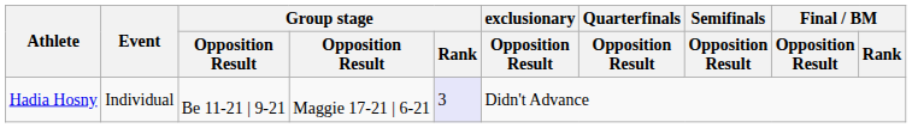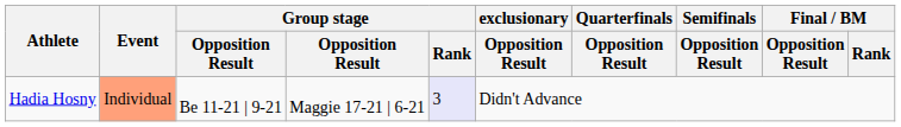 <table class="wikitable">
 <tr>
 <th rowspan="2">Athlete</th>
 <th rowspan="2">Event</th>
 <th colspan="3">Group stage</th>
 <th>exclusionary</th>
 <th>Quarterfinals</th>
 <th>Semifinals</th>
 <th colspan="2">Final / <abbr>BM</abbr></th>
 </tr>
 <tr>
 <th>Opposition<br>Result</th>
 <th>Opposition<br>Result</th>
 <th>Rank</th>
 <th>Opposition<br>Result</th>
 <th>Opposition<br>Result</th>
 <th>Opposition<br>Result</th>
 <th>Opposition<br>Result</th>
 <th>Rank</th>
 </tr>
 <tr>
 <td><a href='#'>Hadia Hosny</a></td>
-<td>Individual</td>
+<td style="background: lightsalmon;">Individual</td>
 <td><br>Be 11-21 | 9-21</td>
 <td><br>Maggie 17-21 | 6-21</td>
 <td style="background: lavender;">3</td>
 <td colspan="5">Didn't Advance</td>
 </tr>
 </table>
